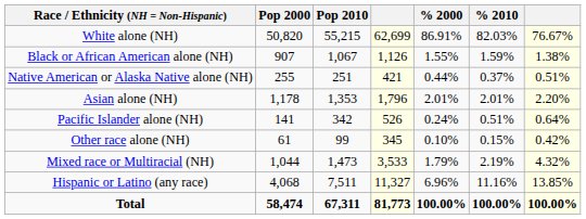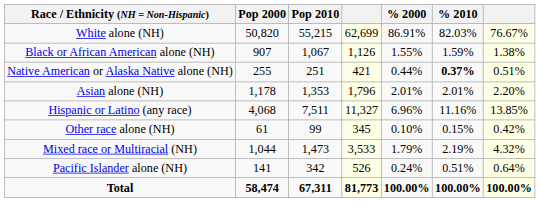 <table class="wikitable" style="text-align:center;">
 <tr>
 <th>Race / Ethnicity <small>(<em>NH = Non-Hispanic</em>)</small></th>
 <th>Pop 2000</th>
 <th>Pop 2010</th>
 <th></th>
 <th>% 2000</th>
 <th>% 2010</th>
 <th></th>
 </tr>
 <tr>
 <td><a href='#'>White</a> alone (NH)</td>
 <td>50,820</td>
 <td>55,215</td>
 <td style='background: #ffffe6;'>62,699</td>
 <td>86.91%</td>
 <td>82.03%</td>
 <td style='background: #ffffe6;'>76.67%</td>
 </tr>
 <tr>
 <td><a href='#'>Black or African American</a> alone (NH)</td>
 <td>907</td>
 <td>1,067</td>
 <td style='background: #ffffe6;'>1,126</td>
 <td>1.55%</td>
 <td>1.59%</td>
 <td style='background: #ffffe6;'>1.38%</td>
 </tr>
 <tr>
 <td><a href='#'>Native American</a> or <a href='#'>Alaska Native</a> alone (NH)</td>
 <td>255</td>
 <td>251</td>
 <td style='background: #ffffe6;'>421</td>
 <td>0.44%</td>
-<td>0.37%</td>
+<td><strong>0.37%</strong></td>
 <td style='background: #ffffe6;'>0.51%</td>
 </tr>
 <tr>
 <td><a href='#'>Asian</a> alone (NH)</td>
 <td>1,178</td>
 <td>1,353</td>
 <td style='background: #ffffe6;'>1,796</td>
 <td>2.01%</td>
 <td>2.01%</td>
 <td style='background: #ffffe6;'>2.20%</td>
 </tr>
 <tr>
-<td><a href='#'>Pacific Islander</a> alone (NH)</td>
-<td>141</td>
-<td>342</td>
-<td style='background: #ffffe6;'>526</td>
-<td>0.24%</td>
-<td>0.51%</td>
-<td style='background: #ffffe6;'>0.64%</td>
+<td><a href='#'>Hispanic or Latino</a> (any race)</td>
+<td>4,068</td>
+<td>7,511</td>
+<td style='background: #ffffe6;'>11,327</td>
+<td>6.96%</td>
+<td>11.16%</td>
+<td style='background: #ffffe6;'>13.85%</td>
 </tr>
 <tr>
 <td><a href='#'>Other race</a> alone (NH)</td>
 <td>61</td>
 <td>99</td>
 <td style='background: #ffffe6;'>345</td>
 <td>0.10%</td>
 <td>0.15%</td>
 <td style='background: #ffffe6;'>0.42%</td>
 </tr>
 <tr>
 <td><a href='#'>Mixed race or Multiracial</a> (NH)</td>
 <td>1,044</td>
 <td>1,473</td>
 <td style='background: #ffffe6;'>3,533</td>
 <td>1.79%</td>
 <td>2.19%</td>
 <td style='background: #ffffe6;'>4.32%</td>
 </tr>
 <tr>
-<td><a href='#'>Hispanic or Latino</a> (any race)</td>
-<td>4,068</td>
-<td>7,511</td>
-<td style='background: #ffffe6;'>11,327</td>
-<td>6.96%</td>
-<td>11.16%</td>
-<td style='background: #ffffe6;'>13.85%</td>
+<td><a href='#'>Pacific Islander</a> alone (NH)</td>
+<td>141</td>
+<td>342</td>
+<td style='background: #ffffe6;'>526</td>
+<td>0.24%</td>
+<td>0.51%</td>
+<td style='background: #ffffe6;'>0.64%</td>
 </tr>
 <tr>
 <td><strong>Total</strong></td>
 <td><strong>58,474</strong></td>
 <td><strong>67,311</strong></td>
 <td style='background: #ffffe6;'><strong>81,773</strong></td>
 <td><strong>100.00%</strong></td>
 <td><strong>100.00%</strong></td>
 <td style='background: #ffffe6;'><strong>100.00%</strong></td>
 </tr>
 </table>
